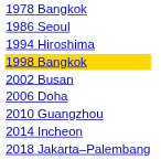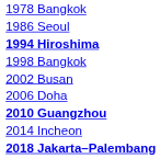 <table>
 <tr>
 <td><a href='#'>1978 Bangkok</a></td>
 <td></td>
 <td></td>
 <td></td>
 </tr>
 <tr>
 <td><a href='#'>1986 Seoul</a></td>
 <td></td>
 <td></td>
 <td></td>
 </tr>
 <tr>
-<td><a href='#'>1994 Hiroshima</a></td>
+<td><strong><a href='#'>1994 Hiroshima</a></strong></td>
 <td></td>
 <td></td>
 <td></td>
 </tr>
 <tr>
-<td style="background: gold;"><a href='#'>1998 Bangkok</a></td>
+<td><a href='#'>1998 Bangkok</a></td>
 <td></td>
 <td></td>
 <td></td>
 </tr>
 <tr>
 <td><a href='#'>2002 Busan</a></td>
 <td></td>
 <td></td>
 <td></td>
 </tr>
 <tr>
 <td><a href='#'>2006 Doha</a></td>
 <td></td>
 <td></td>
 <td></td>
 </tr>
 <tr>
-<td><a href='#'>2010 Guangzhou</a></td>
+<td><strong><a href='#'>2010 Guangzhou</a></strong></td>
 <td></td>
 <td></td>
 <td></td>
 </tr>
 <tr>
 <td><a href='#'>2014 Incheon</a></td>
 <td></td>
 <td></td>
 <td></td>
 </tr>
 <tr>
-<td><a href='#'>2018 Jakarta–Palembang</a></td>
+<td><strong><a href='#'>2018 Jakarta–Palembang</a></strong></td>
 <td></td>
 <td></td>
 <td></td>
 </tr>
 </table>
